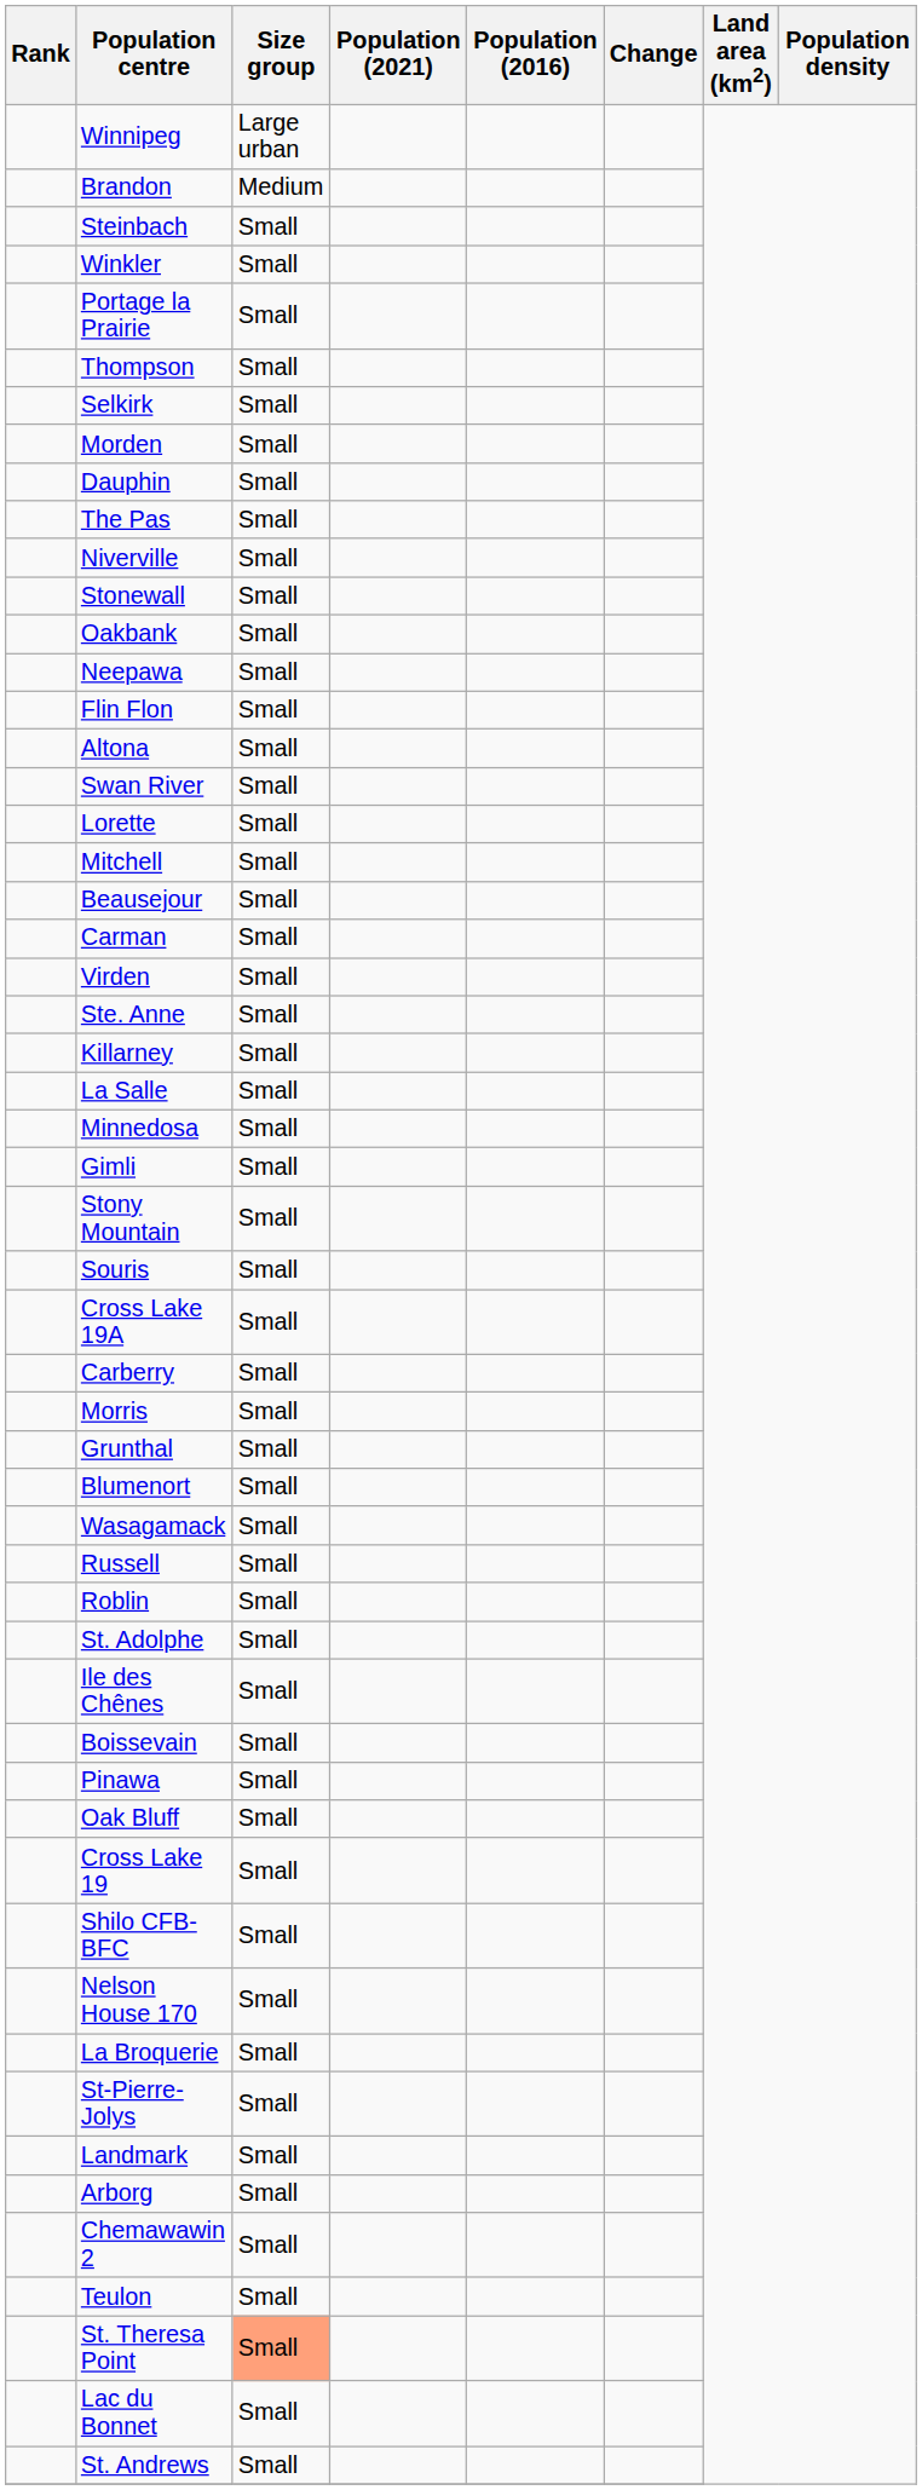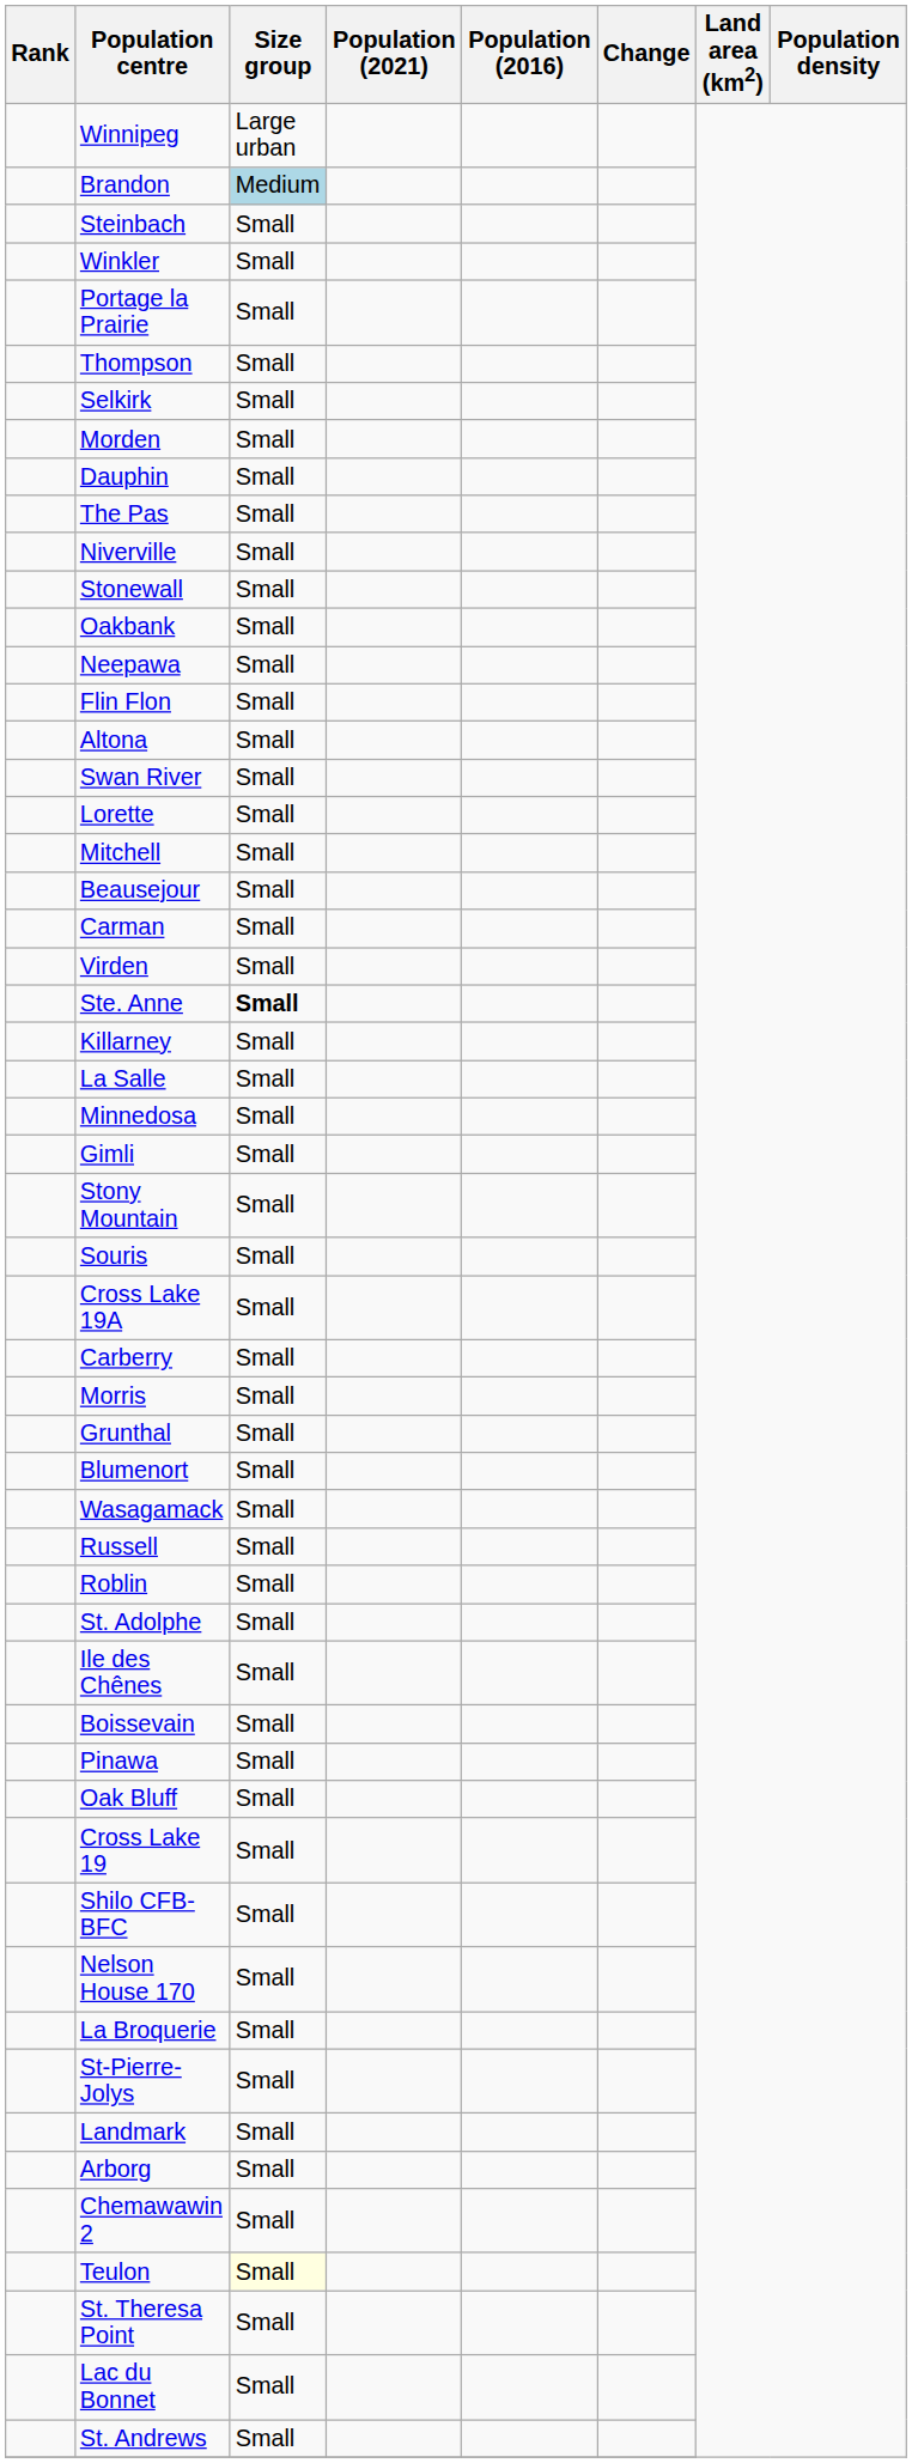 <table class="wikitable sortable">
 <tr>
 <th>Rank</th>
 <th>Population centre</th>
 <th>Size group</th>
 <th>Population (2021)</th>
 <th>Population (2016)</th>
 <th>Change</th>
 <th>Land area (km<sup>2</sup>)</th>
 <th>Population density</th>
 </tr>
 <tr>
 <td scope=row align=center></td>
 <td><a href='#'>Winnipeg</a></td>
 <td>Large urban</td>
 <td></td>
 <td align=center></td>
 <td align=center></td>
 </tr>
 <tr>
 <td scope=row align=center></td>
 <td><a href='#'>Brandon</a></td>
-<td>Medium</td>
+<td style="background: lightblue;">Medium</td>
 <td></td>
 <td align=center></td>
 <td align=center></td>
 </tr>
 <tr>
 <td scope=row align=center></td>
 <td><a href='#'>Steinbach</a></td>
 <td>Small</td>
 <td></td>
 <td align=center></td>
 <td align=center></td>
 </tr>
 <tr>
 <td scope=row align=center></td>
 <td><a href='#'>Winkler</a></td>
 <td>Small</td>
 <td></td>
 <td align=center></td>
 <td align=center></td>
 </tr>
 <tr>
 <td scope=row align=center></td>
 <td><a href='#'>Portage la Prairie</a></td>
 <td>Small</td>
 <td></td>
 <td align=center></td>
 <td align=center></td>
 </tr>
 <tr>
 <td scope=row align=center></td>
 <td><a href='#'>Thompson</a></td>
 <td>Small</td>
 <td></td>
 <td align=center></td>
 <td align=center></td>
 </tr>
 <tr>
 <td scope=row align=center></td>
 <td><a href='#'>Selkirk</a></td>
 <td>Small</td>
 <td></td>
 <td align=center></td>
 <td align=center></td>
 </tr>
 <tr>
 <td scope=row align=center></td>
 <td><a href='#'>Morden</a></td>
 <td>Small</td>
 <td></td>
 <td align=center></td>
 <td align=center></td>
 </tr>
 <tr>
 <td scope=row align=center></td>
 <td><a href='#'>Dauphin</a></td>
 <td>Small</td>
 <td></td>
 <td align=center></td>
 <td align=center></td>
 </tr>
 <tr>
 <td scope=row align=center></td>
 <td><a href='#'>The Pas</a></td>
 <td>Small</td>
 <td></td>
 <td align=center></td>
 <td align=center></td>
 </tr>
 <tr>
 <td scope=row align=center></td>
 <td><a href='#'>Niverville</a></td>
 <td>Small</td>
 <td></td>
 <td align=center></td>
 <td align=center></td>
 </tr>
 <tr>
 <td scope=row align=center></td>
 <td><a href='#'>Stonewall</a></td>
 <td>Small</td>
 <td></td>
 <td align=center></td>
 <td align=center></td>
 </tr>
 <tr>
 <td scope=row align=center></td>
 <td><a href='#'>Oakbank</a></td>
 <td>Small</td>
 <td></td>
 <td align=center></td>
 <td align=center></td>
 </tr>
 <tr>
 <td scope=row align=center></td>
 <td><a href='#'>Neepawa</a></td>
 <td>Small</td>
 <td></td>
 <td align=center></td>
 <td align=center></td>
 </tr>
 <tr>
 <td scope=row align=center></td>
 <td><a href='#'>Flin Flon</a></td>
 <td>Small</td>
 <td></td>
 <td align=center></td>
 <td align=center></td>
 </tr>
 <tr>
 <td scope=row align=center></td>
 <td><a href='#'>Altona</a></td>
 <td>Small</td>
 <td></td>
 <td align=center></td>
 <td align=center></td>
 </tr>
 <tr>
 <td scope=row align=center></td>
 <td><a href='#'>Swan River</a></td>
 <td>Small</td>
 <td></td>
 <td align=center></td>
 <td align=center></td>
 </tr>
 <tr>
 <td scope=row align=center></td>
 <td><a href='#'>Lorette</a></td>
 <td>Small</td>
 <td></td>
 <td align=center></td>
 <td align=center></td>
 </tr>
 <tr>
 <td scope=row align=center></td>
 <td><a href='#'>Mitchell</a></td>
 <td>Small</td>
 <td></td>
 <td align=center></td>
 <td align=center></td>
 </tr>
 <tr>
 <td scope=row align=center></td>
 <td><a href='#'>Beausejour</a></td>
 <td>Small</td>
 <td></td>
 <td align=center></td>
 <td align=center></td>
 </tr>
 <tr>
 <td scope=row align=center></td>
 <td><a href='#'>Carman</a></td>
 <td>Small</td>
 <td></td>
 <td align=center></td>
 <td align=center></td>
 </tr>
 <tr>
 <td scope=row align=center></td>
 <td><a href='#'>Virden</a></td>
 <td>Small</td>
 <td></td>
 <td align=center></td>
 <td align=center></td>
 </tr>
 <tr>
 <td scope=row align=center></td>
 <td><a href='#'>Ste. Anne</a></td>
-<td>Small</td>
+<td><strong>Small</strong></td>
 <td></td>
 <td align=center></td>
 <td align=center></td>
 </tr>
 <tr>
 <td scope=row align=center></td>
 <td><a href='#'>Killarney</a></td>
 <td>Small</td>
 <td></td>
 <td align=center></td>
 <td align=center></td>
 </tr>
 <tr>
 <td scope=row align=center></td>
 <td><a href='#'>La Salle</a></td>
 <td>Small</td>
 <td></td>
 <td align=center></td>
 <td align=center></td>
 </tr>
 <tr>
 <td scope=row align=center></td>
 <td><a href='#'>Minnedosa</a></td>
 <td>Small</td>
 <td></td>
 <td align=center></td>
 <td align=center></td>
 </tr>
 <tr>
 <td scope=row align=center></td>
 <td><a href='#'>Gimli</a></td>
 <td>Small</td>
 <td></td>
 <td align=center></td>
 <td align=center></td>
 </tr>
 <tr>
 <td scope=row align=center></td>
 <td><a href='#'>Stony Mountain</a></td>
 <td>Small</td>
 <td></td>
 <td align=center></td>
 <td align=center></td>
 </tr>
 <tr>
 <td scope=row align=center></td>
 <td><a href='#'>Souris</a></td>
 <td>Small</td>
 <td></td>
 <td align=center></td>
 <td align=center></td>
 </tr>
 <tr>
 <td scope=row align=center></td>
 <td><a href='#'>Cross Lake 19A</a></td>
 <td>Small</td>
 <td></td>
 <td align=center></td>
 <td align=center></td>
 </tr>
 <tr>
 <td scope=row align=center></td>
 <td><a href='#'>Carberry</a></td>
 <td>Small</td>
 <td></td>
 <td align=center></td>
 <td align=center></td>
 </tr>
 <tr>
 <td scope=row align=center></td>
 <td><a href='#'>Morris</a></td>
 <td>Small</td>
 <td></td>
 <td align=center></td>
 <td align=center></td>
 </tr>
 <tr>
 <td scope=row align=center></td>
 <td><a href='#'>Grunthal</a></td>
 <td>Small</td>
 <td></td>
 <td align=center></td>
 <td align=center></td>
 </tr>
 <tr>
 <td scope=row align=center></td>
 <td><a href='#'>Blumenort</a></td>
 <td>Small</td>
 <td></td>
 <td align=center></td>
 <td align=center></td>
 </tr>
 <tr>
 <td scope=row align=center></td>
 <td><a href='#'>Wasagamack</a></td>
 <td>Small</td>
 <td></td>
 <td align=center></td>
 <td align=center></td>
 </tr>
 <tr>
 <td scope=row align=center></td>
 <td><a href='#'>Russell</a></td>
 <td>Small</td>
 <td></td>
 <td align=center></td>
 <td align=center></td>
 </tr>
 <tr>
 <td scope=row align=center></td>
 <td><a href='#'>Roblin</a></td>
 <td>Small</td>
 <td></td>
 <td align=center></td>
 <td align=center></td>
 </tr>
 <tr>
 <td scope=row align=center></td>
 <td><a href='#'>St. Adolphe</a></td>
 <td>Small</td>
 <td></td>
 <td align=center></td>
 <td align=center></td>
 </tr>
 <tr>
 <td scope=row align=center></td>
 <td><a href='#'>Ile des Chênes</a></td>
 <td>Small</td>
 <td></td>
 <td align=center></td>
 <td align=center></td>
 </tr>
 <tr>
 <td scope=row align=center></td>
 <td><a href='#'>Boissevain</a></td>
 <td>Small</td>
 <td></td>
 <td align=center></td>
 <td align=center></td>
 </tr>
 <tr>
 <td scope=row align=center></td>
 <td><a href='#'>Pinawa</a></td>
 <td>Small</td>
 <td></td>
 <td align=center></td>
 <td align=center></td>
 </tr>
 <tr>
 <td scope=row align=center></td>
 <td><a href='#'>Oak Bluff</a></td>
 <td>Small</td>
 <td></td>
 <td align=center></td>
 <td align=center></td>
 </tr>
 <tr>
 <td scope=row align=center></td>
 <td><a href='#'>Cross Lake 19</a></td>
 <td>Small</td>
 <td></td>
 <td align=center></td>
 <td align=center></td>
 </tr>
 <tr>
 <td scope=row align=center></td>
 <td><a href='#'>Shilo CFB-BFC</a></td>
 <td>Small</td>
 <td></td>
 <td align=center></td>
 <td align=center></td>
 </tr>
 <tr>
 <td scope=row align=center></td>
 <td><a href='#'>Nelson House 170</a></td>
 <td>Small</td>
 <td></td>
 <td align=center></td>
 <td align=center></td>
 </tr>
 <tr>
 <td scope=row align=center></td>
 <td><a href='#'>La Broquerie</a></td>
 <td>Small</td>
 <td></td>
 <td align=center></td>
 <td align=center></td>
 </tr>
 <tr>
 <td scope=row align=center></td>
 <td><a href='#'>St-Pierre-Jolys</a></td>
 <td>Small</td>
 <td></td>
 <td align=center></td>
 <td align=center></td>
 </tr>
 <tr>
 <td scope=row align=center></td>
 <td><a href='#'>Landmark</a></td>
 <td>Small</td>
 <td></td>
 <td align=center></td>
 <td align=center></td>
 </tr>
 <tr>
 <td scope=row align=center></td>
 <td><a href='#'>Arborg</a></td>
 <td>Small</td>
 <td></td>
 <td align=center></td>
 <td align=center></td>
 </tr>
 <tr>
 <td scope=row align=center></td>
 <td><a href='#'>Chemawawin 2</a></td>
 <td>Small</td>
 <td></td>
 <td align=center></td>
 <td align=center></td>
 </tr>
 <tr>
 <td scope=row align=center></td>
 <td><a href='#'>Teulon</a></td>
-<td>Small</td>
+<td style="background: lightyellow;">Small</td>
 <td></td>
 <td align=center></td>
 <td align=center></td>
 </tr>
 <tr>
 <td scope=row align=center></td>
 <td><a href='#'>St. Theresa Point</a></td>
-<td style="background: lightsalmon;">Small</td>
+<td>Small</td>
 <td></td>
 <td align=center></td>
 <td align=center></td>
 </tr>
 <tr>
 <td scope=row align=center></td>
 <td><a href='#'>Lac du Bonnet</a></td>
 <td>Small</td>
 <td></td>
 <td align=center></td>
 <td align=center></td>
 </tr>
 <tr>
 <td scope=row align=center></td>
 <td><a href='#'>St. Andrews</a></td>
 <td>Small</td>
 <td></td>
 <td align=center></td>
 <td align=center></td>
 </tr>
 <tr>
 </tr>
 </table>
